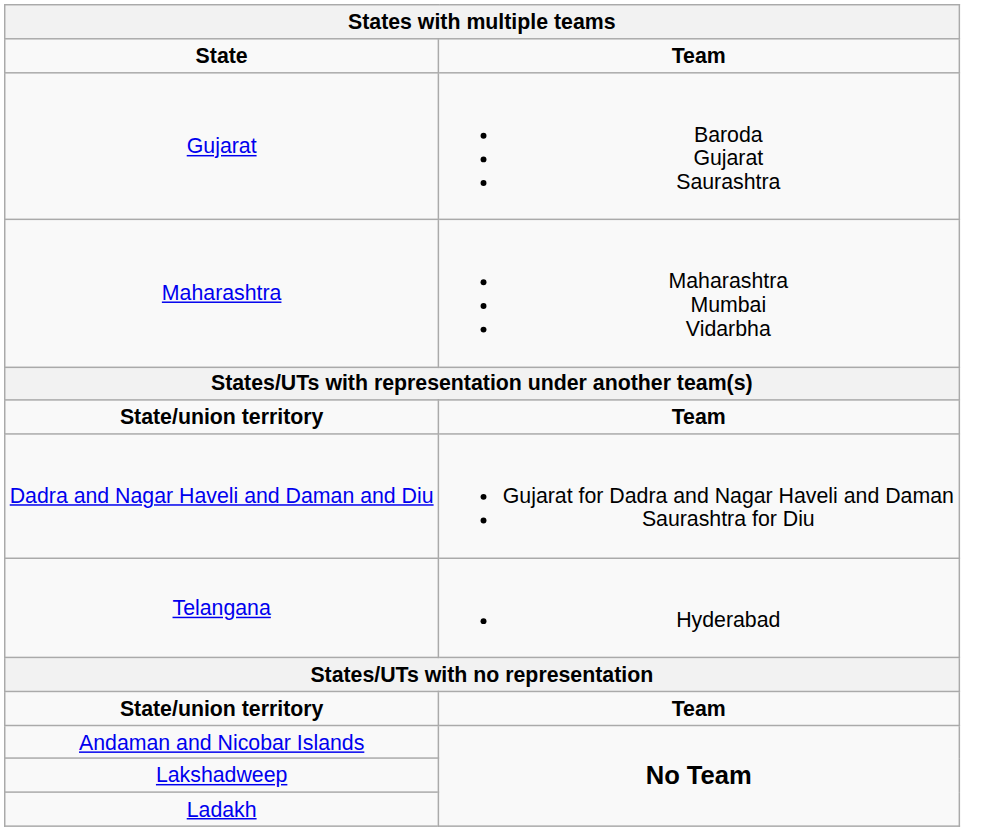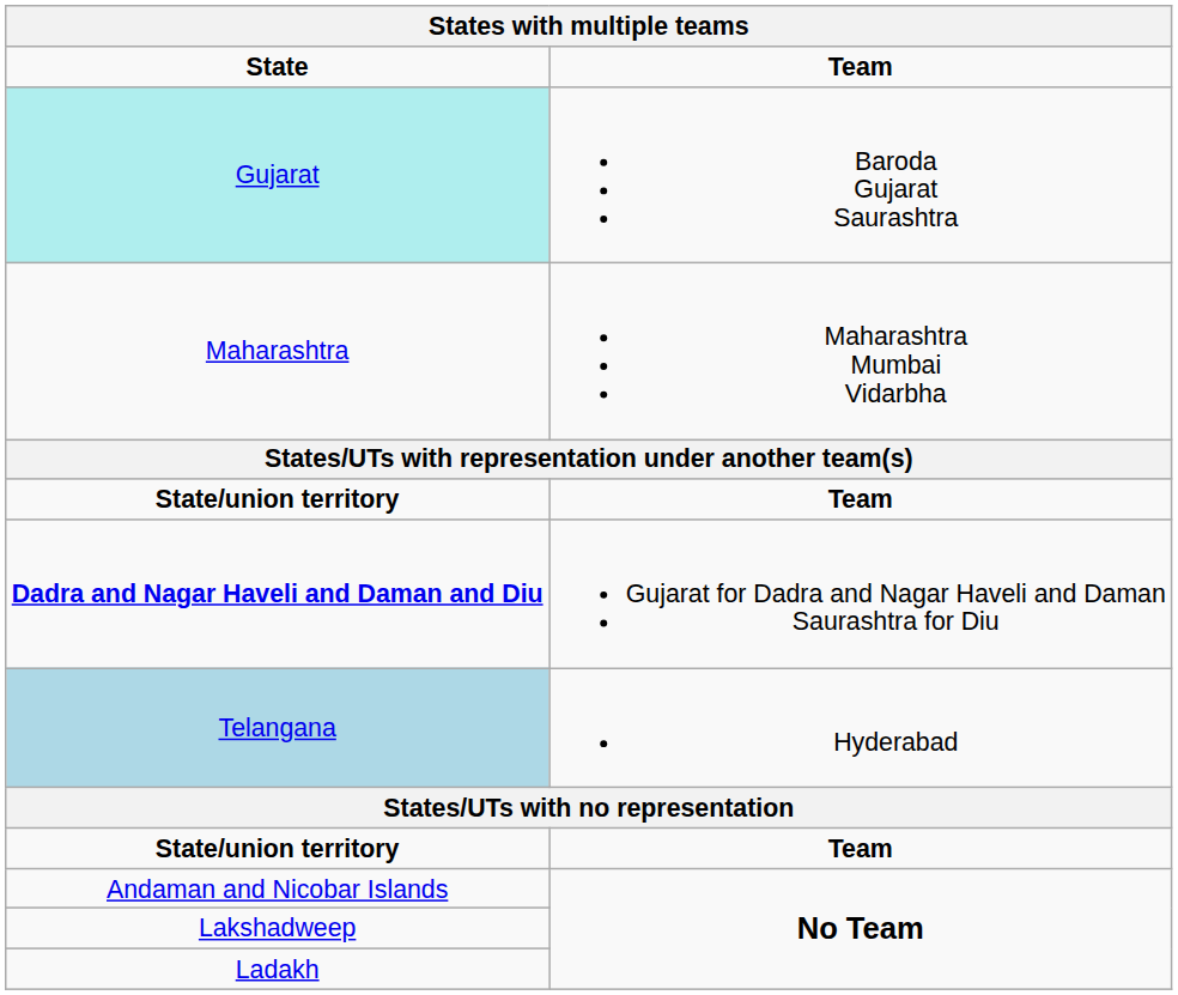 <table class=wikitable style="margin:0; font-size:90%; text-align:center">
 <tr>
 <th colspan="2"><strong>States with multiple teams</strong></th>
 </tr>
 <tr>
 <td><strong>State</strong></td>
 <td><strong>Team</strong></td>
 </tr>
 <tr>
-<td><a href='#'>Gujarat</a></td>
+<td style="background: paleturquoise;"><a href='#'>Gujarat</a></td>
 <td><br><ul><li>Baroda</li><li>Gujarat</li><li>Saurashtra</li></ul></td>
 </tr>
 <tr>
 <td><a href='#'>Maharashtra</a></td>
 <td><br><ul><li>Maharashtra</li><li>Mumbai</li><li>Vidarbha</li></ul></td>
 </tr>
 <tr>
 <th colspan="2"><strong>States/UTs with representation under another team(s)</strong></th>
 </tr>
 <tr>
 <td><strong>State/union territory</strong></td>
 <td><strong>Team</strong></td>
 </tr>
 <tr>
-<td><a href='#'>Dadra and Nagar Haveli and Daman and Diu</a></td>
+<td><strong><a href='#'>Dadra and Nagar Haveli and Daman and Diu</a></strong></td>
 <td><br><ul><li>Gujarat for Dadra and Nagar Haveli and Daman</li><li>Saurashtra for Diu</li></ul></td>
 </tr>
 <tr>
-<td><a href='#'>Telangana</a></td>
+<td style="background: lightblue;"><a href='#'>Telangana</a></td>
 <td><br><ul><li>Hyderabad</li></ul></td>
 </tr>
 <tr>
 <th colspan="3"><strong>States/UTs with no representation</strong></th>
 </tr>
 <tr>
 <td><strong>State/union territory</strong></td>
 <td><strong>Team</strong></td>
 </tr>
 <tr>
 <td><a href='#'>Andaman and Nicobar Islands</a></td>
 <td rowspan="3"><big><strong>No Team</strong></big></td>
 </tr>
 <tr>
 <td><a href='#'>Lakshadweep</a></td>
 </tr>
 <tr>
 <td><a href='#'>Ladakh</a></td>
 </tr>
 </table>
